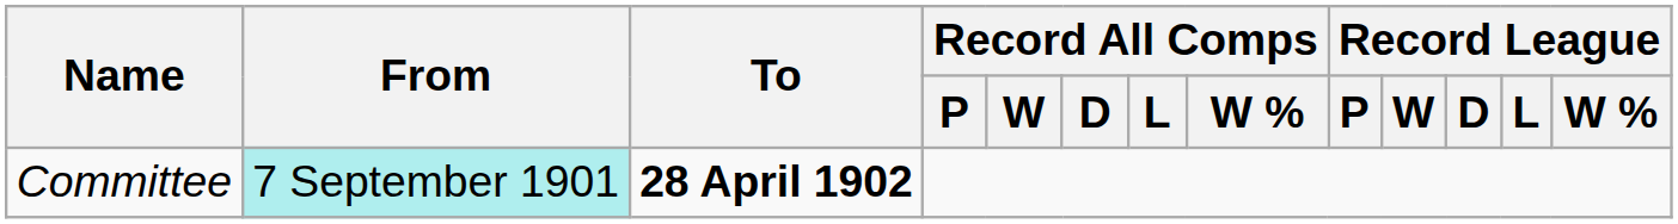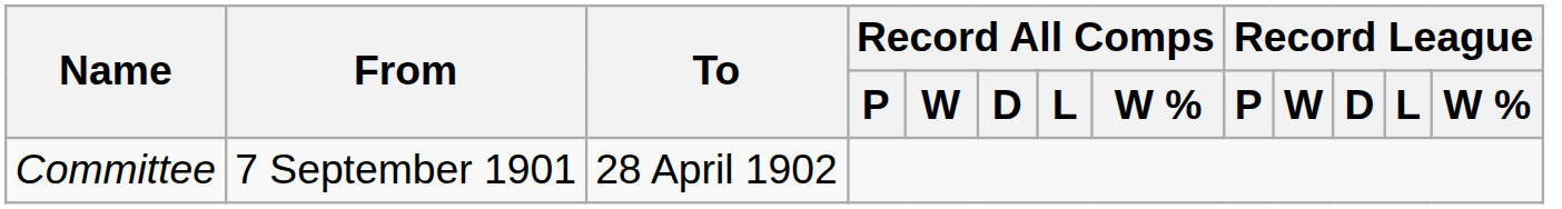 <table style="text-align: center" class="wikitable">
 <tr>
 <th rowspan="2">Name</th>
 <th rowspan="2">From</th>
 <th rowspan="2">To</th>
 <th colspan="5">Record All Comps</th>
 <th colspan="5">Record League</th>
 </tr>
 <tr>
 <th>P</th>
 <th>W</th>
 <th>D</th>
 <th>L</th>
 <th>W %</th>
 <th>P</th>
 <th>W</th>
 <th>D</th>
 <th>L</th>
 <th>W %</th>
 </tr>
 <tr>
 <td style="text-align:left;"><em>Committee</em></td>
-<td style="background: paleturquoise;">7 September 1901</td>
-<td><strong>28 April 1902<br> </strong></td>
+<td>7 September 1901</td>
+<td>28 April 1902<br> </td>
 </tr>
 </table>
